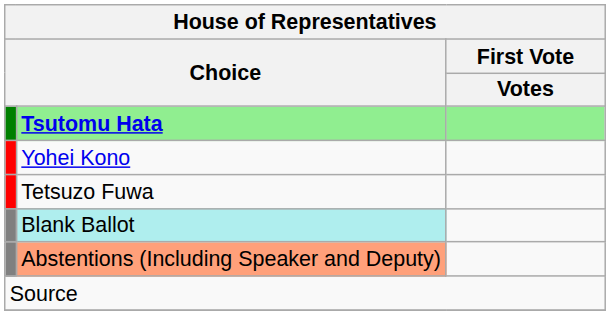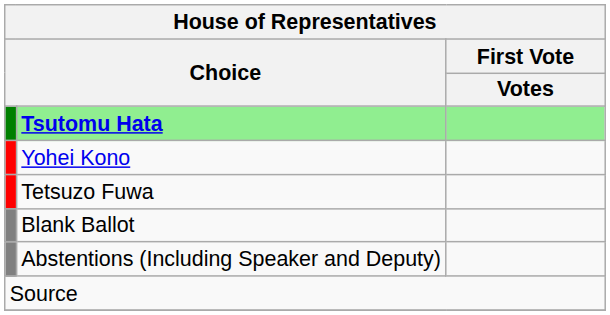 <table class="wikitable" style="font-size:90%;">
 <tr>
 <th colspan="4">House of Representatives</th>
 </tr>
 <tr>
 <th align="left" rowspan="2" colspan="2" width="100">Choice</th>
 <th colspan="2">First Vote</th>
 </tr>
 <tr>
 <th width="100">Votes</th>
 </tr>
 <tr style="background:lightgreen;">
 <td width="1" bgcolor="green"></td>
 <td align="left"><strong><a href='#'>Tsutomu Hata</a></strong></td>
 <td></td>
 </tr>
 <tr>
 <td bgcolor="red"></td>
 <td align="left"><a href='#'>Yohei Kono</a></td>
 <td></td>
 </tr>
 <tr>
 <td bgcolor="red"></td>
 <td align="left">Tetsuzo Fuwa</td>
 <td></td>
 </tr>
 <tr>
 <td bgcolor="gray"></td>
-<td align="left" style="background: paleturquoise;">Blank Ballot</td>
+<td align="left">Blank Ballot</td>
 <td></td>
 </tr>
 <tr>
 <td bgcolor="gray"></td>
-<td align="left" style="background: lightsalmon;">Abstentions (Including Speaker and Deputy)</td>
+<td align="left">Abstentions (Including Speaker and Deputy)</td>
 <td></td>
 </tr>
 <tr>
 <td colspan=3>Source </td>
 </tr>
 <tr>
 </tr>
 </table>
